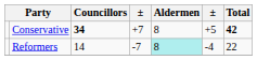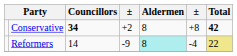 <table class="wikitable">
 <tr>
 <th colspan="2">Party</th>
 <th>Councillors</th>
 <th>  ±  </th>
 <th>Aldermen</th>
 <th>  ±  </th>
 <th>Total</th>
 </tr>
 <tr>
 <td style="background-color: "></td>
 <td><a href='#'>Conservative</a></td>
 <td><strong>34</strong></td>
-<td>+7</td>
+<td>+2</td>
 <td>8</td>
-<td>+5</td>
+<td>+8</td>
 <td><strong>42</strong></td>
 </tr>
 <tr>
 <td style="background-color: "></td>
 <td><a href='#'>Reformers</a></td>
 <td>14</td>
-<td>-7</td>
+<td>-9</td>
 <td style="background: paleturquoise;">8</td>
 <td>-4</td>
-<td>22</td>
+<td style="background: khaki;">22</td>
 </tr>
 <tr>
 </tr>
 </table>
